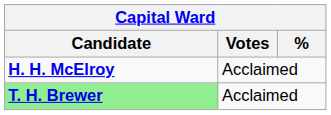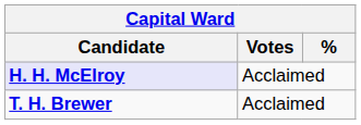 <table class="wikitable">
 <tr>
 <th colspan="3"><a href='#'>Capital Ward</a></th>
 </tr>
 <tr>
 <th style="width: 200px">Candidate</th>
 <th style="width: 50px">Votes</th>
 <th style="width: 40px">%</th>
 </tr>
 <tr>
-<td><strong><a href='#'>H. H. McElroy</a></strong></td>
+<td style="background: lavender;"><strong><a href='#'>H. H. McElroy</a></strong></td>
 <td colspan="2">Acclaimed</td>
 </tr>
 <tr>
-<td style="background: lightgreen;"><strong><a href='#'>T. H. Brewer</a></strong></td>
+<td><strong><a href='#'>T. H. Brewer</a></strong></td>
 <td colspan="2">Acclaimed</td>
 </tr>
 </table>
